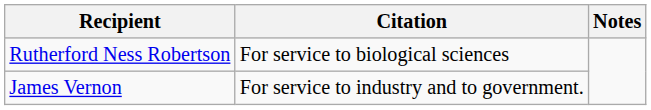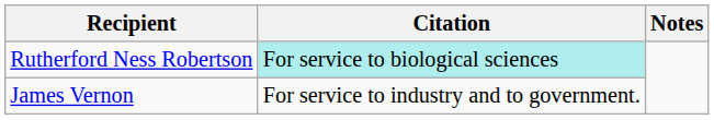 <table class="wikitable" style="font-size:95%;">
 <tr>
 <th>Recipient</th>
 <th>Citation</th>
 <th>Notes</th>
 </tr>
 <tr>
 <td> <a href='#'>Rutherford Ness Robertson</a> </td>
-<td>For service to biological sciences</td>
+<td style="background: paleturquoise;">For service to biological sciences</td>
 <td rowspan=3></td>
 </tr>
 <tr>
 <td> <a href='#'>James Vernon</a> </td>
 <td>For service to industry and to government.</td>
 </tr>
 </table>
